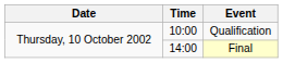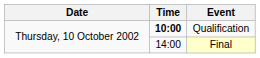 <table class = "wikitable" style="text-align:center;">
 <tr>
 <th width=220>Date</th>
 <th width=50>Time</th>
 <th width=100>Event</th>
 </tr>
 <tr>
 <td rowspan=2>Thursday, 10 October 2002</td>
-<td>10:00</td>
+<td><strong>10:00</strong></td>
 <td>Qualification</td>
 </tr>
 <tr>
 <td>14:00</td>
 <td bgcolor=ffffcc>Final</td>
 </tr>
 </table>
